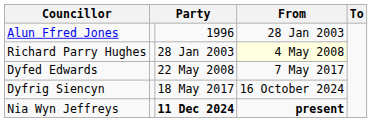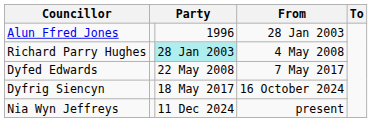 <table class=wikitable>
 <tr>
 <th>Councillor</th>
 <th colspan=2>Party</th>
 <th>From</th>
 <th>To</th>
 </tr>
 <tr>
 <td><a href='#'>Alun Ffred Jones</a></td>
 <td></td>
 <td align=right>1996</td>
 <td align=right>28 Jan 2003</td>
 </tr>
 <tr>
 <td>Richard Parry Hughes</td>
 <td></td>
-<td align=right>28 Jan 2003</td>
-<td align=right style="background: lightyellow;">4 May 2008</td>
+<td align=right style="background: paleturquoise;">28 Jan 2003</td>
+<td align=right>4 May 2008</td>
 </tr>
 <tr>
 <td>Dyfed Edwards</td>
 <td></td>
 <td align=right>22 May 2008</td>
 <td align=right>7 May 2017</td>
 </tr>
 <tr>
 <td>Dyfrig Siencyn</td>
 <td></td>
 <td align=right>18 May 2017</td>
 <td align=right>16 October 2024</td>
 </tr>
 <tr>
 <td>Nia Wyn Jeffreys</td>
 <td></td>
-<td align=right><strong>11 Dec 2024</strong></td>
-<td align=right><strong>present</strong></td>
+<td align=right>11 Dec 2024</td>
+<td align=right>present</td>
 </tr>
 </table>
